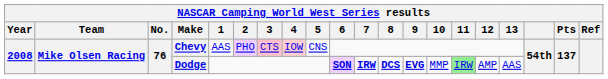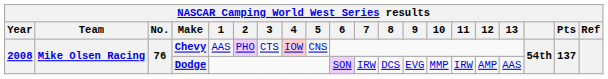 <table class="wikitable" style="text-align:center; font-size:75%">
 <tr>
 <th colspan="31"><a href='#'>NASCAR Camping World West Series</a> results</th>
 </tr>
 <tr>
 <th>Year</th>
 <th>Team</th>
 <th>No.</th>
 <th>Make</th>
 <th>1</th>
 <th>2</th>
 <th>3</th>
 <th>4</th>
 <th>5</th>
 <th>6</th>
 <th>7</th>
 <th>8</th>
 <th>9</th>
 <th>10</th>
 <th>11</th>
 <th>12</th>
 <th>13</th>
 <th></th>
 <th>Pts</th>
 <th>Ref</th>
 </tr>
 <tr>
 <th rowspan=2><a href='#'>2008</a></th>
 <th rowspan=2><a href='#'>Mike Olsen Racing</a></th>
 <th rowspan=2>76</th>
 <th><a href='#'>Chevy</a></th>
 <td><a href='#'>AAS</a></td>
 <td style="background:#EFCFFF;"><a href='#'>PHO</a><br></td>
-<td style="background: pink;"><a href='#'>CTS</a></td>
+<td><a href='#'>CTS</a></td>
 <td style="background:#FFCFCF;"><a href='#'>IOW</a><br></td>
 <td><a href='#'>CNS</a></td>
 <td colspan=8></td>
 <th rowspan=2>54th</th>
 <th rowspan=2>137</th>
 <th rowspan=2></th>
 </tr>
 <tr>
 <th><a href='#'>Dodge</a></th>
 <td colspan=5></td>
-<td style="background:#EFCFFF;"><strong><a href='#'>SON</a><br></strong></td>
-<td><strong><a href='#'>IRW</a></strong></td>
-<td><strong><a href='#'>DCS</a></strong></td>
-<td><strong><a href='#'>EVG</a></strong></td>
+<td style="background:#EFCFFF;"><a href='#'>SON</a><br></td>
+<td><a href='#'>IRW</a></td>
+<td><a href='#'>DCS</a></td>
+<td><a href='#'>EVG</a></td>
 <td><a href='#'>MMP</a></td>
-<td style="background: lightgreen;"><a href='#'>IRW</a></td>
+<td><a href='#'>IRW</a></td>
 <td><a href='#'>AMP</a></td>
 <td><a href='#'>AAS</a></td>
 </tr>
 </table>
